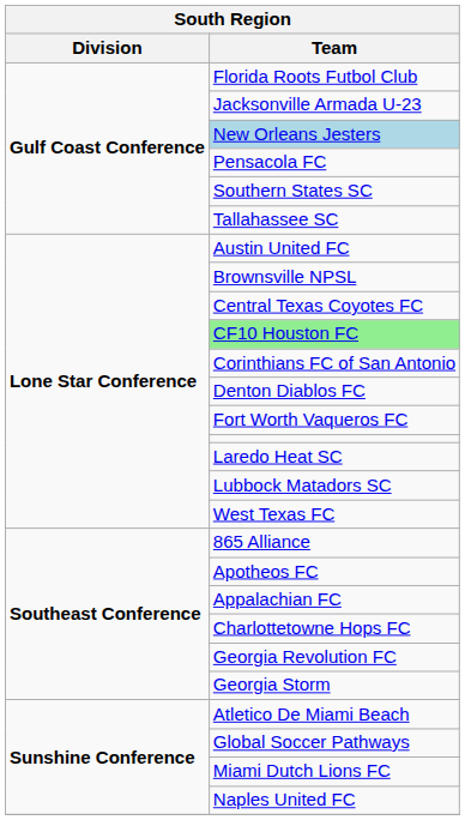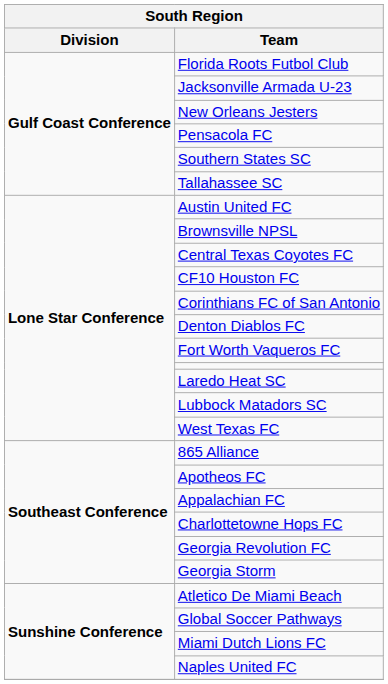 <table class="wikitable" style="text-align:left">
 <tr>
 <th colspan=3>South Region</th>
 </tr>
 <tr>
 <th>Division</th>
 <th>Team</th>
 </tr>
 <tr>
 <td rowspan=6><strong>Gulf Coast Conference</strong></td>
 <td><a href='#'>Florida Roots Futbol Club</a></td>
 </tr>
 <tr>
 <td><a href='#'>Jacksonville Armada U-23</a></td>
 </tr>
 <tr>
-<td style="background: lightblue;"><a href='#'>New Orleans Jesters</a></td>
+<td><a href='#'>New Orleans Jesters</a></td>
 </tr>
 <tr>
 <td><a href='#'>Pensacola FC</a></td>
 </tr>
 <tr>
 <td><a href='#'>Southern States SC</a></td>
 </tr>
 <tr>
 <td><a href='#'>Tallahassee SC</a></td>
 </tr>
 <tr>
 <td rowspan=11><strong>Lone Star Conference</strong></td>
 <td><a href='#'>Austin United FC</a></td>
 </tr>
 <tr>
 <td><a href='#'>Brownsville NPSL</a></td>
 </tr>
 <tr>
 <td><a href='#'>Central Texas Coyotes FC</a></td>
 </tr>
 <tr>
-<td style="background: lightgreen;"><a href='#'>CF10 Houston FC</a></td>
+<td><a href='#'>CF10 Houston FC</a></td>
 </tr>
 <tr>
 <td><a href='#'>Corinthians FC of San Antonio</a></td>
 </tr>
 <tr>
 <td><a href='#'>Denton Diablos FC</a></td>
 </tr>
 <tr>
 <td><a href='#'>Fort Worth Vaqueros FC</a></td>
 </tr>
 <tr>
 <td></td>
 </tr>
 <tr>
 <td><a href='#'>Laredo Heat SC</a></td>
 </tr>
 <tr>
 <td><a href='#'>Lubbock Matadors SC</a></td>
 </tr>
 <tr>
 <td><a href='#'>West Texas FC</a></td>
 </tr>
 <tr>
 <td rowspan=6><strong>Southeast Conference</strong></td>
 <td><a href='#'>865 Alliance</a></td>
 </tr>
 <tr>
 <td><a href='#'>Apotheos FC</a></td>
 </tr>
 <tr>
 <td><a href='#'>Appalachian FC</a></td>
 </tr>
 <tr>
 <td><a href='#'>Charlottetowne Hops FC</a></td>
 </tr>
 <tr>
 <td><a href='#'>Georgia Revolution FC</a></td>
 </tr>
 <tr>
 <td><a href='#'>Georgia Storm</a></td>
 </tr>
 <tr>
 <td rowspan=4><strong>Sunshine Conference</strong></td>
 <td><a href='#'>Atletico De Miami Beach</a></td>
 </tr>
 <tr>
 <td><a href='#'>Global Soccer Pathways</a></td>
 </tr>
 <tr>
 <td><a href='#'>Miami Dutch Lions FC</a></td>
 </tr>
 <tr>
 <td><a href='#'>Naples United FC</a></td>
 </tr>
 <tr>
 </tr>
 </table>
